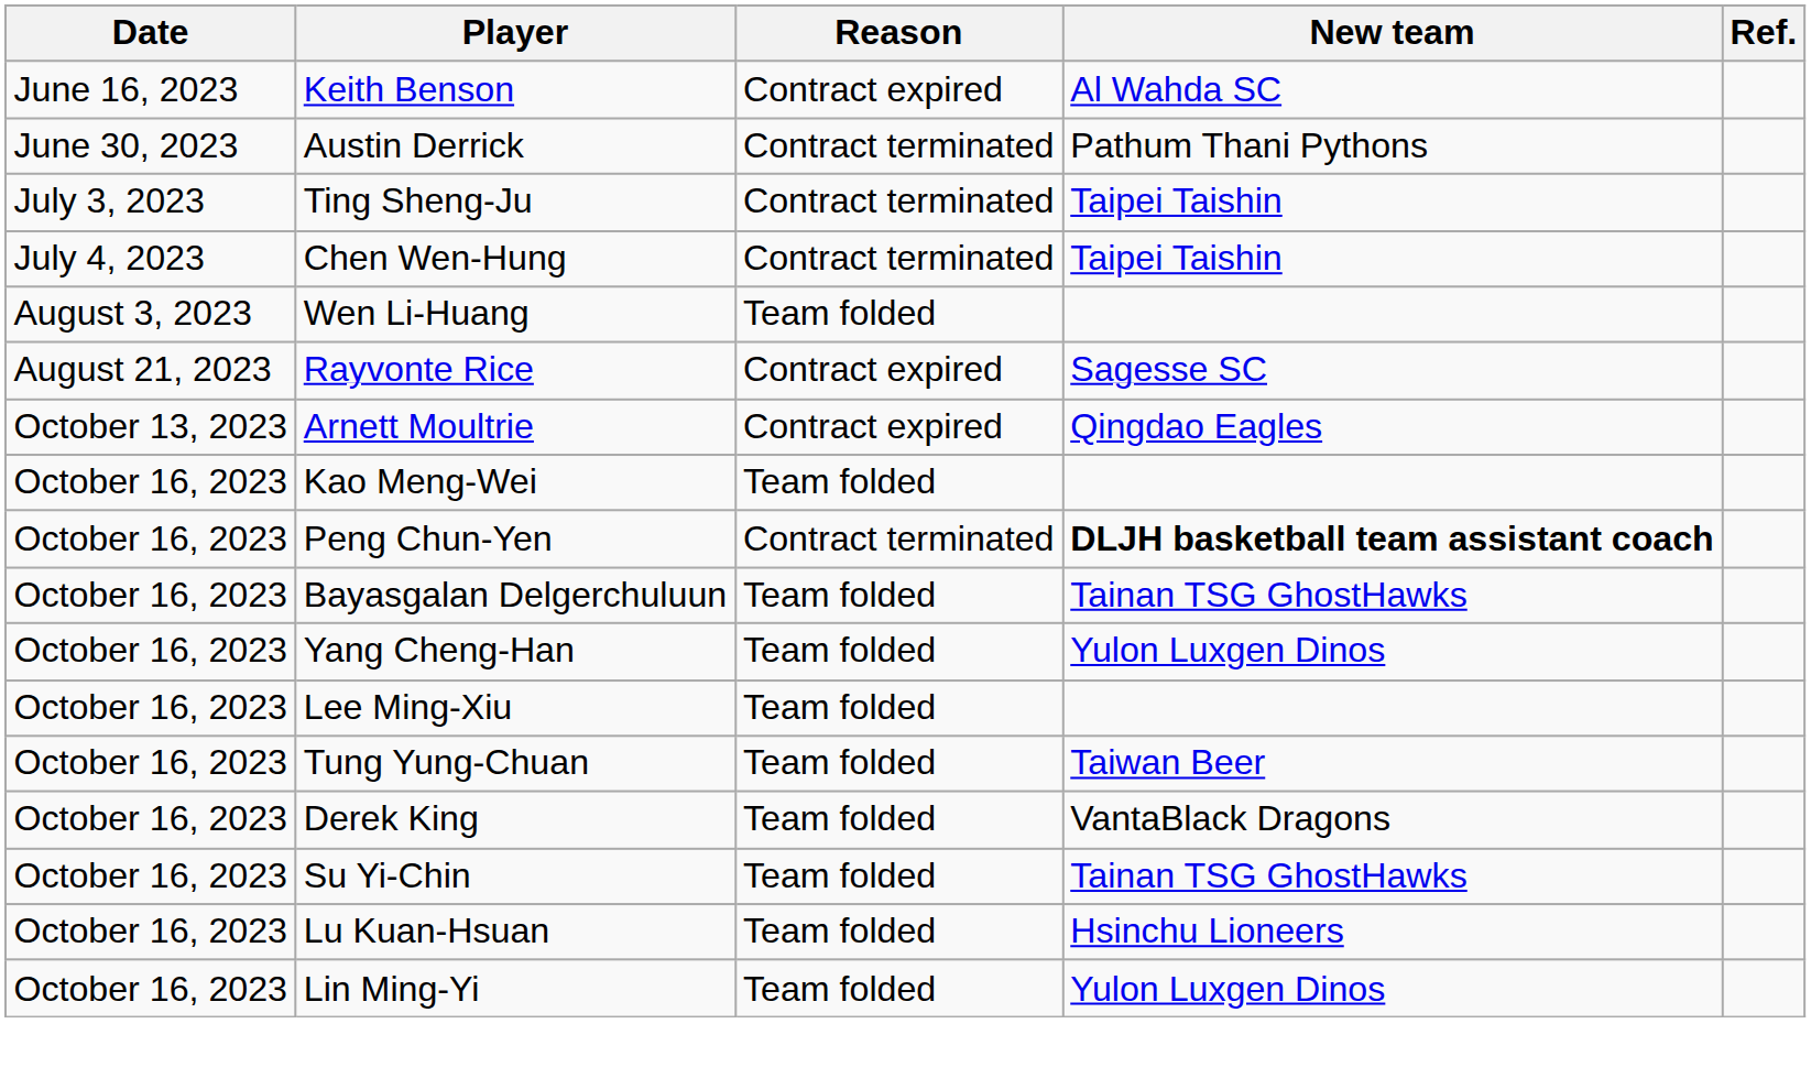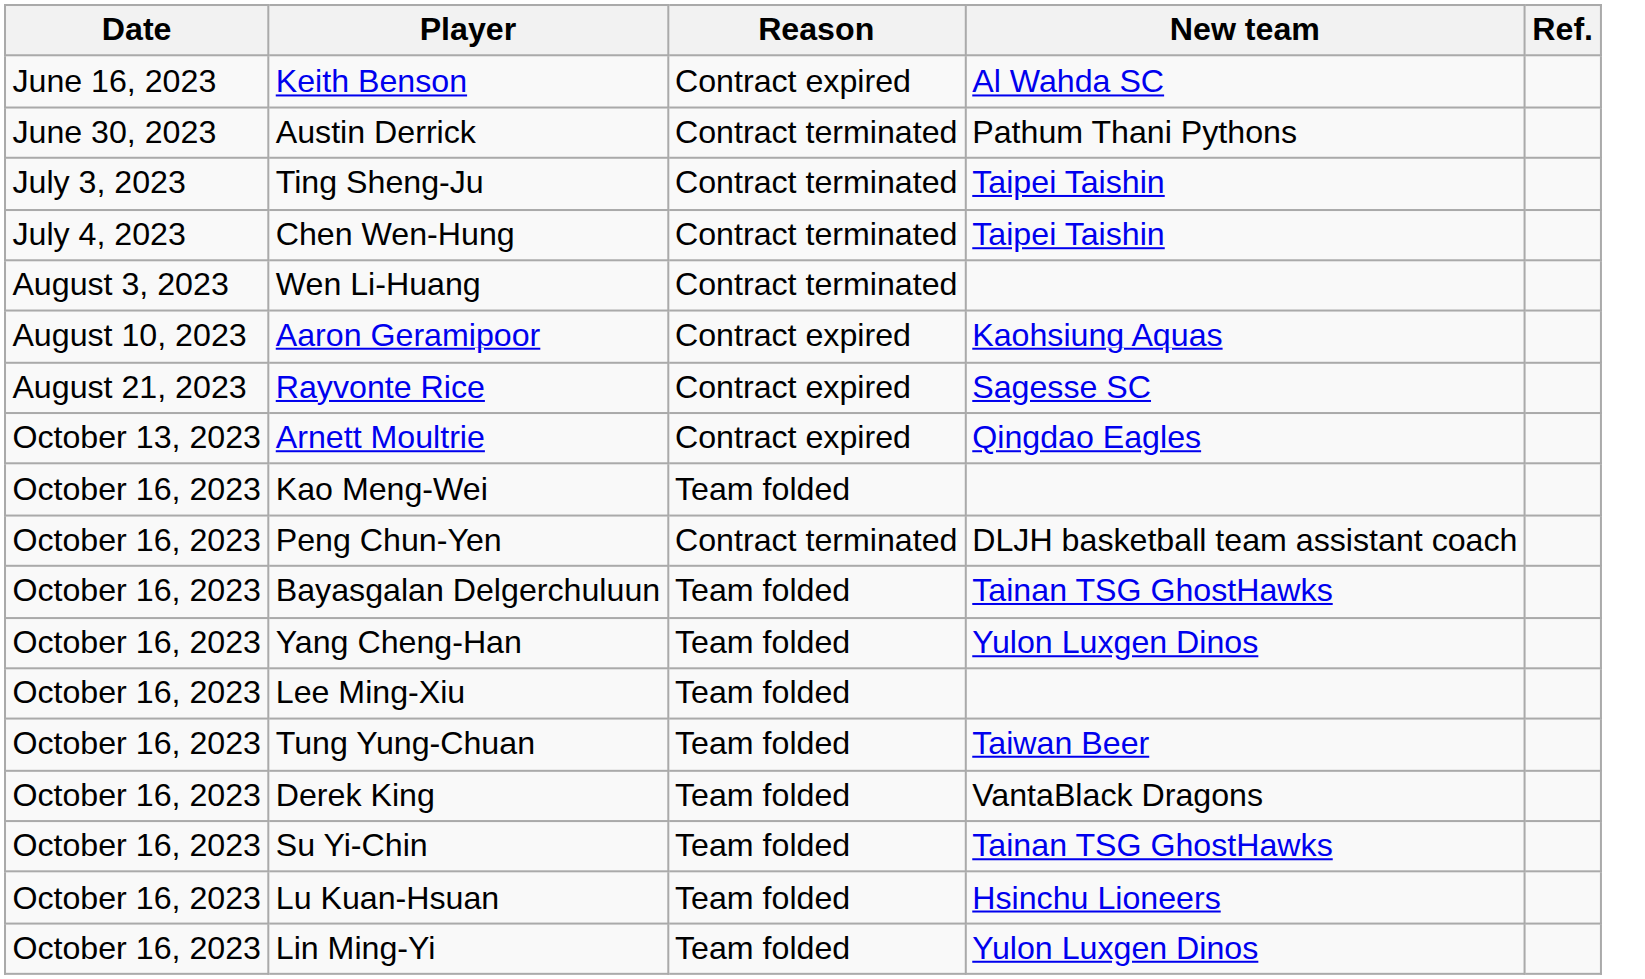 <table class="wikitable">
 <tr>
 <th>Date</th>
 <th>Player</th>
 <th>Reason</th>
 <th>New team</th>
 <th>Ref.</th>
 </tr>
 <tr>
 <td>June 16, 2023</td>
 <td><a href='#'>Keith Benson</a></td>
 <td>Contract expired</td>
 <td> <a href='#'>Al Wahda SC</a></td>
 <td></td>
 </tr>
 <tr>
 <td>June 30, 2023</td>
 <td>Austin Derrick</td>
 <td>Contract terminated</td>
 <td> Pathum Thani Pythons</td>
 <td></td>
 </tr>
 <tr>
 <td>July 3, 2023</td>
 <td>Ting Sheng-Ju</td>
 <td>Contract terminated</td>
 <td> <a href='#'>Taipei Taishin</a></td>
 <td></td>
 </tr>
 <tr>
 <td>July 4, 2023</td>
 <td>Chen Wen-Hung</td>
 <td>Contract terminated</td>
 <td> <a href='#'>Taipei Taishin</a></td>
 <td></td>
 </tr>
 <tr>
 <td>August 3, 2023</td>
 <td>Wen Li-Huang</td>
-<td>Team folded</td>
+<td>Contract terminated</td>
 <td></td>
+<td></td>
+</tr>
+<tr>
+<td>August 10, 2023</td>
+<td><a href='#'>Aaron Geramipoor</a></td>
+<td>Contract expired</td>
+<td> <a href='#'>Kaohsiung Aquas</a></td>
 <td></td>
 </tr>
 <tr>
 <td>August 21, 2023</td>
 <td><a href='#'>Rayvonte Rice</a></td>
 <td>Contract expired</td>
 <td> <a href='#'>Sagesse SC</a></td>
 <td></td>
 </tr>
 <tr>
 <td>October 13, 2023</td>
 <td><a href='#'>Arnett Moultrie</a></td>
 <td>Contract expired</td>
 <td> <a href='#'>Qingdao Eagles</a></td>
 <td></td>
 </tr>
 <tr>
 <td>October 16, 2023</td>
 <td>Kao Meng-Wei</td>
 <td>Team folded</td>
 <td></td>
 <td></td>
 </tr>
 <tr>
 <td>October 16, 2023</td>
 <td>Peng Chun-Yen</td>
 <td>Contract terminated</td>
-<td><strong> DLJH basketball team assistant coach</strong></td>
+<td> DLJH basketball team assistant coach</td>
 <td></td>
 </tr>
 <tr>
 <td>October 16, 2023</td>
 <td>Bayasgalan Delgerchuluun</td>
 <td>Team folded</td>
 <td> <a href='#'>Tainan TSG GhostHawks</a></td>
 <td></td>
 </tr>
 <tr>
 <td>October 16, 2023</td>
 <td>Yang Cheng-Han</td>
 <td>Team folded</td>
 <td> <a href='#'>Yulon Luxgen Dinos</a></td>
 <td></td>
 </tr>
 <tr>
 <td>October 16, 2023</td>
 <td>Lee Ming-Xiu</td>
 <td>Team folded</td>
 <td></td>
 <td></td>
 </tr>
 <tr>
 <td>October 16, 2023</td>
 <td>Tung Yung-Chuan</td>
 <td>Team folded</td>
 <td> <a href='#'>Taiwan Beer</a></td>
 <td></td>
 </tr>
 <tr>
 <td>October 16, 2023</td>
 <td>Derek King</td>
 <td>Team folded</td>
 <td> VantaBlack Dragons</td>
 <td></td>
 </tr>
 <tr>
 <td>October 16, 2023</td>
 <td>Su Yi-Chin</td>
 <td>Team folded</td>
 <td> <a href='#'>Tainan TSG GhostHawks</a></td>
 <td></td>
 </tr>
 <tr>
 <td>October 16, 2023</td>
 <td>Lu Kuan-Hsuan</td>
 <td>Team folded</td>
 <td> <a href='#'>Hsinchu Lioneers</a></td>
 <td></td>
 </tr>
 <tr>
 <td>October 16, 2023</td>
 <td>Lin Ming-Yi</td>
 <td>Team folded</td>
 <td> <a href='#'>Yulon Luxgen Dinos</a></td>
 <td></td>
 </tr>
 </table>
